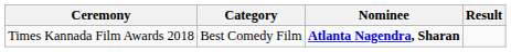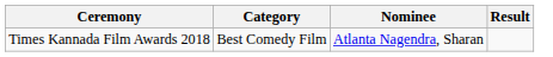 <table class="wikitable">
 <tr>
 <th>Ceremony</th>
 <th>Category</th>
 <th>Nominee</th>
 <th>Result</th>
 </tr>
 <tr>
 <td rowspan="10">Times Kannada Film Awards 2018</td>
 <td>Best Comedy Film</td>
-<td><strong><a href='#'>Atlanta Nagendra</a>, Sharan</strong></td>
+<td><a href='#'>Atlanta Nagendra</a>, Sharan</td>
 <td></td>
 </tr>
 </table>
